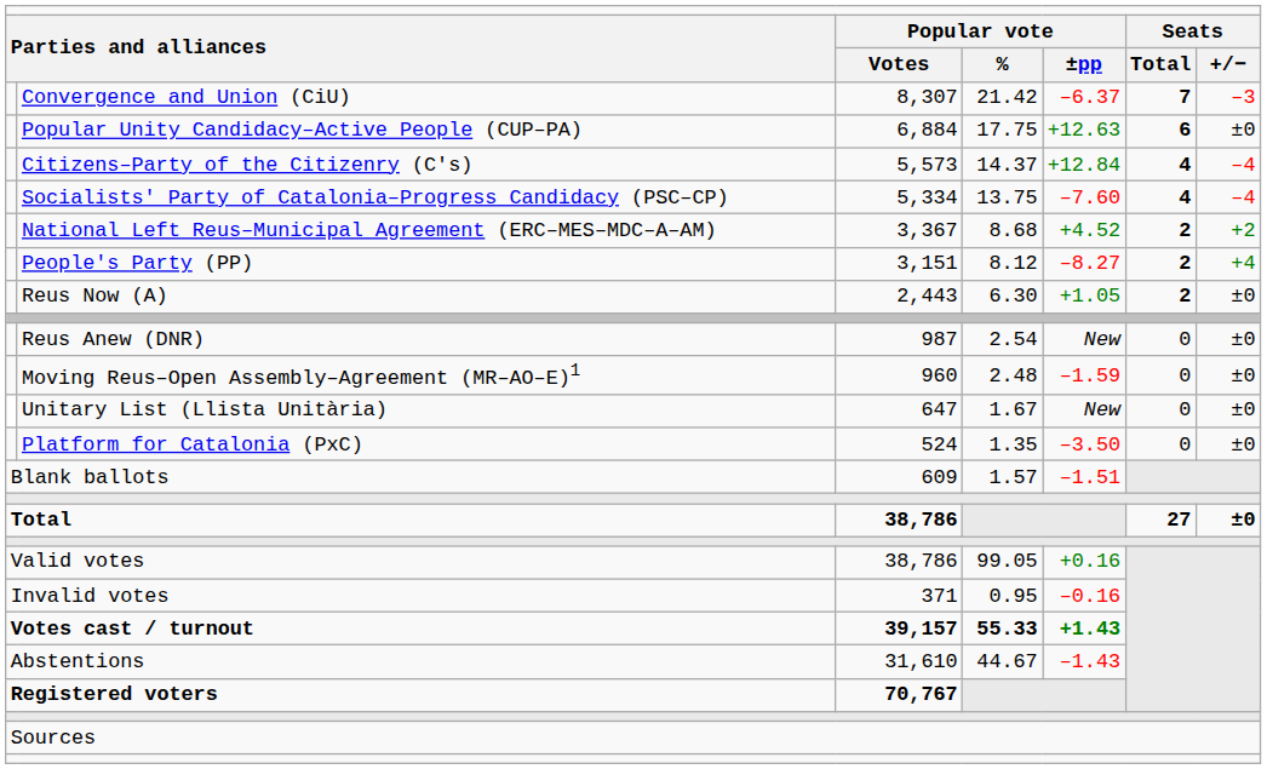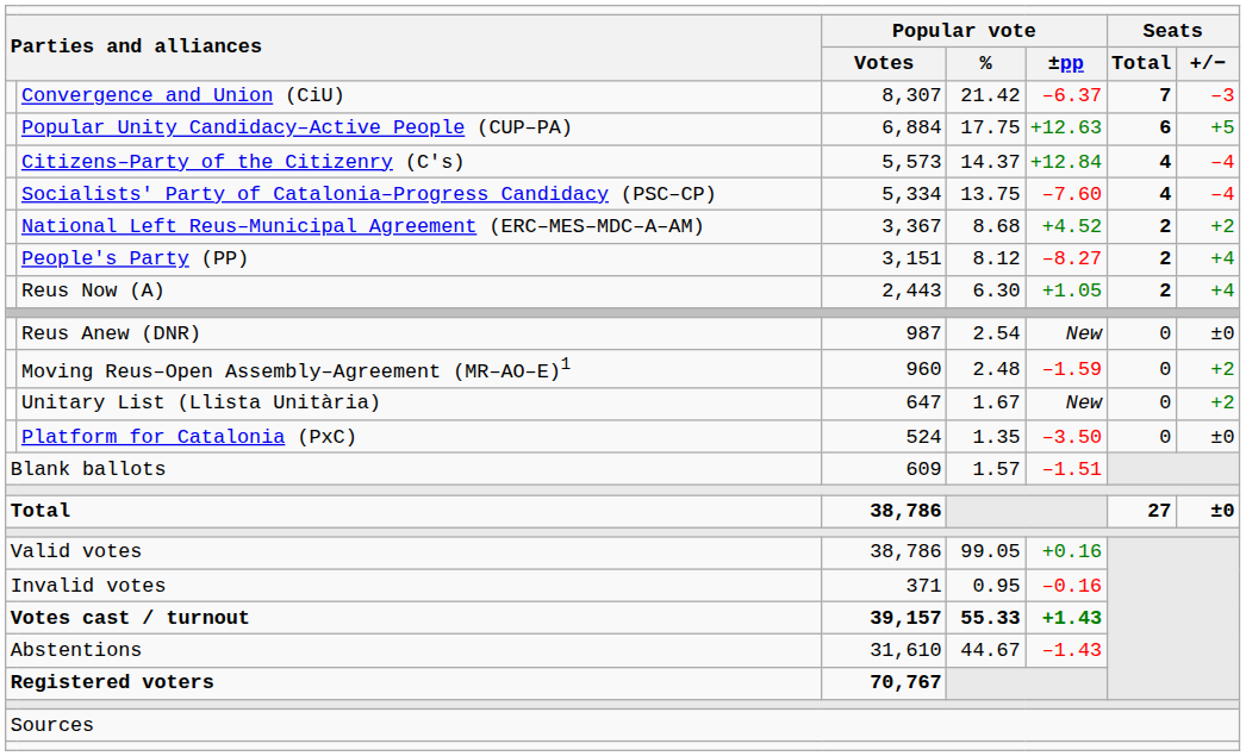 <table class="wikitable" style="text-align:right;">
 <tr>
 <td colspan="7"></td>
 </tr>
 <tr>
 <th style="text-align:left;" rowspan="2" colspan="2" width="525">Parties and alliances</th>
 <th colspan="3">Popular vote</th>
 <th colspan="2">Seats</th>
 </tr>
 <tr>
 <th width="75">Votes</th>
 <th width="45">%</th>
 <th width="45">±<a href='#'>pp</a></th>
 <th width="35">Total</th>
 <th width="35">+/−</th>
 </tr>
 <tr>
 <td width="1" style="color:inherit;background:"></td>
 <td align="left"><a href='#'>Convergence and Union</a> (CiU)</td>
 <td>8,307</td>
 <td>21.42</td>
 <td style="color:red;">–6.37</td>
 <td><strong>7</strong></td>
 <td style="color:red;">–3</td>
 </tr>
 <tr>
 <td style="color:inherit;background:"></td>
 <td align="left"><a href='#'>Popular Unity Candidacy–Active People</a> (CUP–PA)</td>
 <td>6,884</td>
 <td>17.75</td>
 <td style="color:green;">+12.63</td>
 <td><strong>6</strong></td>
-<td>±0</td>
+<td style="color:green;">+5</td>
 </tr>
 <tr>
 <td style="color:inherit;background:"></td>
 <td align="left"><a href='#'>Citizens–Party of the Citizenry</a> (C's)</td>
 <td>5,573</td>
 <td>14.37</td>
 <td style="color:green;">+12.84</td>
 <td><strong>4</strong></td>
 <td style="color:red;">–4</td>
 </tr>
 <tr>
 <td style="color:inherit;background:"></td>
 <td align="left"><a href='#'>Socialists' Party of Catalonia–Progress Candidacy</a> (PSC–CP)</td>
 <td>5,334</td>
 <td>13.75</td>
 <td style="color:red;">–7.60</td>
 <td><strong>4</strong></td>
 <td style="color:red;">–4</td>
 </tr>
 <tr>
 <td style="color:inherit;background:"></td>
 <td align="left"><a href='#'>National Left Reus–Municipal Agreement</a> (ERC–MES–MDC–A–AM)</td>
 <td>3,367</td>
 <td>8.68</td>
 <td style="color:green;">+4.52</td>
 <td><strong>2</strong></td>
 <td style="color:green;">+2</td>
 </tr>
 <tr>
 <td style="color:inherit;background:"></td>
 <td align="left"><a href='#'>People's Party</a> (PP)</td>
 <td>3,151</td>
 <td>8.12</td>
 <td style="color:red;">–8.27</td>
 <td><strong>2</strong></td>
 <td style="color:green;">+4</td>
 </tr>
 <tr>
 <td style="color:inherit;background:"></td>
 <td align="left">Reus Now (A)</td>
 <td>2,443</td>
 <td>6.30</td>
 <td style="color:green;">+1.05</td>
 <td><strong>2</strong></td>
-<td>±0</td>
+<td style="color:green;">+4</td>
 </tr>
 <tr>
 <td colspan="7" style="color:inherit;background:#C0C0C0"></td>
 </tr>
 <tr>
 <td style="color:inherit;background:"></td>
 <td align="left">Reus Anew (DNR)</td>
 <td>987</td>
 <td>2.54</td>
 <td><em>New</em></td>
 <td>0</td>
 <td>±0</td>
 </tr>
 <tr>
 <td style="color:inherit;background:"></td>
 <td align="left">Moving Reus–Open Assembly–Agreement (MR–AO–E)<sup>1</sup></td>
 <td>960</td>
 <td>2.48</td>
 <td style="color:red;">–1.59</td>
 <td>0</td>
-<td>±0</td>
+<td style="color:green;">+2</td>
 </tr>
 <tr>
 <td bgcolor="white"></td>
 <td align="left">Unitary List (Llista Unitària)</td>
 <td>647</td>
 <td>1.67</td>
 <td><em>New</em></td>
 <td>0</td>
-<td>±0</td>
+<td style="color:green;">+2</td>
 </tr>
 <tr>
 <td style="color:inherit;background:"></td>
 <td align="left"><a href='#'>Platform for Catalonia</a> (PxC)</td>
 <td>524</td>
 <td>1.35</td>
 <td style="color:red;">–3.50</td>
 <td>0</td>
 <td>±0</td>
 </tr>
 <tr>
 <td align="left" colspan="2">Blank ballots</td>
 <td>609</td>
 <td>1.57</td>
 <td style="color:red;">–1.51</td>
 <td style="color:inherit;background:#E9E9E9" colspan="2"></td>
 </tr>
 <tr>
 <td colspan="7" style="color:inherit;background:#E9E9E9"></td>
 </tr>
 <tr style="font-weight:bold;">
 <td align="left" colspan="2">Total</td>
 <td>38,786</td>
 <td bgcolor="#E9E9E9" colspan="2"></td>
 <td>27</td>
 <td>±0</td>
 </tr>
 <tr>
 <td colspan="7" style="color:inherit;background:#E9E9E9"></td>
 </tr>
 <tr>
 <td align="left" colspan="2">Valid votes</td>
 <td>38,786</td>
 <td>99.05</td>
 <td style="color:green;">+0.16</td>
 <td bgcolor="#E9E9E9" colspan="2" rowspan="5"></td>
 </tr>
 <tr>
 <td align="left" colspan="2">Invalid votes</td>
 <td>371</td>
 <td>0.95</td>
 <td style="color:red;">–0.16</td>
 </tr>
 <tr style="font-weight:bold;">
 <td align="left" colspan="2">Votes cast / turnout</td>
 <td>39,157</td>
 <td>55.33</td>
 <td style="color:green;">+1.43</td>
 </tr>
 <tr>
 <td align="left" colspan="2">Abstentions</td>
 <td>31,610</td>
 <td>44.67</td>
 <td style="color:red;">–1.43</td>
 </tr>
 <tr style="font-weight:bold;">
 <td align="left" colspan="2">Registered voters</td>
 <td>70,767</td>
 <td bgcolor="#E9E9E9" colspan="2"></td>
 </tr>
 <tr>
 <td colspan="7" style="color:inherit;background:#E9E9E9"></td>
 </tr>
 <tr>
 <td align="left" colspan="7">Sources</td>
 </tr>
 <tr>
 <td colspan="7" style="text-align:left; max-width:790px;"></td>
 </tr>
 </table>
